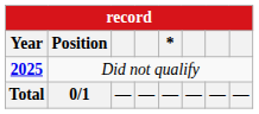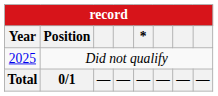 <table class="wikitable" style="text-align: center;">
 <tr>
 <th colspan="8" style="background: #D7141A; color: white;"><a href='#'></a> record</th>
 </tr>
 <tr>
 <th>Year</th>
 <th>Position</th>
 <th></th>
 <th></th>
 <th>*</th>
 <th></th>
 <th></th>
 <th></th>
 </tr>
 <tr>
-<td><strong> <a href='#'>2025</a></strong></td>
+<td> <a href='#'>2025</a></td>
 <td colspan="7"><em>Did not qualify</em></td>
 </tr>
 <tr>
 <th>Total</th>
 <th>0/1</th>
 <th>—</th>
 <th>—</th>
 <th>—</th>
 <th>—</th>
 <th>—</th>
 <th>—</th>
 </tr>
 </table>
